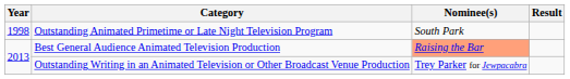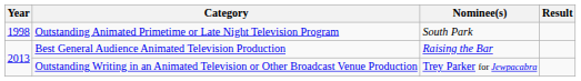 <table class="wikitable">
 <tr>
 <th>Year</th>
 <th>Category</th>
 <th>Nominee(s)</th>
 <th>Result</th>
 </tr>
 <tr>
 <td><a href='#'>1998</a></td>
 <td><a href='#'>Outstanding Animated Primetime or Late Night Television Program</a></td>
 <td><em>South Park</em></td>
 <td></td>
 </tr>
 <tr>
 <td rowspan="2"><a href='#'>2013</a></td>
 <td><a href='#'>Best General Audience Animated Television Production</a></td>
-<td style="background: lightsalmon;"><em><a href='#'>Raising the Bar</a></em></td>
+<td><em><a href='#'>Raising the Bar</a></em></td>
 <td></td>
 </tr>
 <tr>
 <td><a href='#'>Outstanding Writing in an Animated Television or Other Broadcast Venue Production</a></td>
 <td><a href='#'>Trey Parker</a> <small>for <em><a href='#'>Jewpacabra</a></em></small></td>
 <td></td>
 </tr>
 </table>
